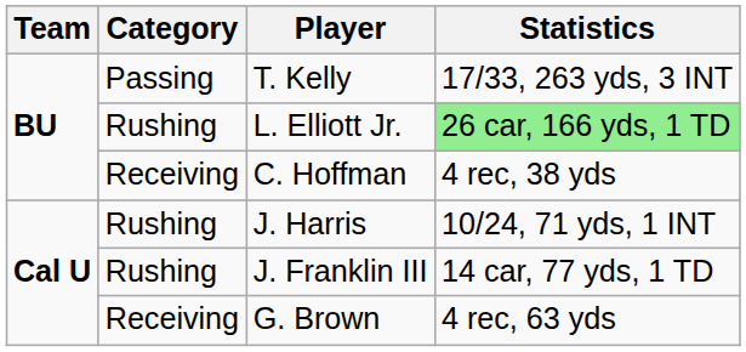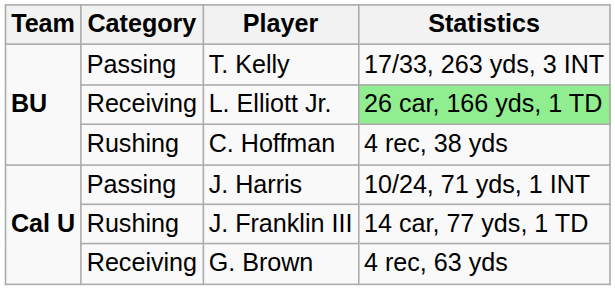 <table class="wikitable" style="float: right;">
 <tr>
 <th>Team</th>
 <th>Category</th>
 <th>Player</th>
 <th>Statistics</th>
 </tr>
 <tr>
 <td rowspan=3><strong>BU</strong></td>
 <td>Passing</td>
 <td>T. Kelly</td>
 <td>17/33, 263 yds, 3 INT</td>
 </tr>
 <tr>
-<td>Rushing</td>
+<td>Receiving</td>
 <td>L. Elliott Jr.</td>
 <td style="background: lightgreen;">26 car, 166 yds, 1 TD</td>
 </tr>
 <tr>
-<td>Receiving</td>
+<td>Rushing</td>
 <td>C. Hoffman</td>
 <td>4 rec, 38 yds</td>
 </tr>
 <tr>
 <td rowspan=3><strong>Cal U</strong></td>
-<td>Rushing</td>
+<td>Passing</td>
 <td>J. Harris</td>
 <td>10/24, 71 yds, 1 INT</td>
 </tr>
 <tr>
 <td>Rushing</td>
 <td>J. Franklin III</td>
 <td>14 car, 77 yds, 1 TD</td>
 </tr>
 <tr>
 <td>Receiving</td>
 <td>G. Brown</td>
 <td>4 rec, 63 yds</td>
 </tr>
 </table>
